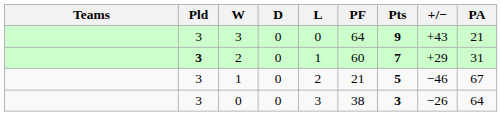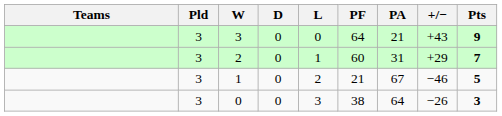 <table class="wikitable" style="text-align: center;">
 <tr>
 <th width="200">Teams</th>
 <th width="40">Pld</th>
 <th width="40">W</th>
 <th width="40">D</th>
 <th width="40">L</th>
 <th width="40">PF</th>
+<th width="40">PA</th>
+<th width="40">+/−</th>
 <th width="40">Pts</th>
-<th width="40">+/−</th>
-<th width="40">PA</th>
 </tr>
 <tr bgcolor=ccffcc>
 <td align=left></td>
 <td>3</td>
 <td>3</td>
 <td>0</td>
 <td>0</td>
 <td>64</td>
+<td>21</td>
+<td>+43</td>
 <td><strong>9</strong></td>
-<td>+43</td>
-<td>21</td>
 </tr>
 <tr bgcolor=ccffcc>
 <td align=left></td>
-<td><strong>3</strong></td>
+<td>3</td>
 <td>2</td>
 <td>0</td>
 <td>1</td>
 <td>60</td>
+<td>31</td>
+<td>+29</td>
 <td><strong>7</strong></td>
-<td>+29</td>
-<td>31</td>
 </tr>
 <tr>
 <td align=left></td>
 <td>3</td>
 <td>1</td>
 <td>0</td>
 <td>2</td>
 <td>21</td>
+<td>67</td>
+<td>−46</td>
 <td><strong>5</strong></td>
-<td>−46</td>
-<td>67</td>
 </tr>
 <tr>
 <td align=left></td>
 <td>3</td>
 <td>0</td>
 <td>0</td>
 <td>3</td>
 <td>38</td>
+<td>64</td>
+<td>−26</td>
 <td><strong>3</strong></td>
-<td>−26</td>
-<td>64</td>
 </tr>
 </table>
